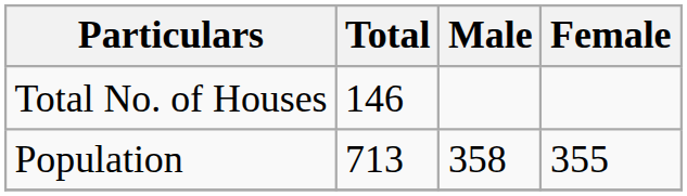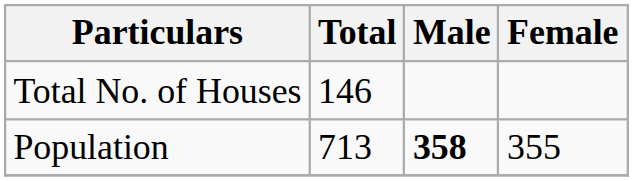 <table class="wikitable sortable">
 <tr>
 <th>Particulars</th>
 <th>Total</th>
 <th>Male</th>
 <th>Female</th>
 </tr>
 <tr>
 <td>Total No. of Houses</td>
 <td>146</td>
 <td></td>
 <td></td>
 </tr>
 <tr>
 <td>Population</td>
 <td>713</td>
-<td>358</td>
+<td><strong>358</strong></td>
 <td>355</td>
 </tr>
 <tr>
 </tr>
 </table>
